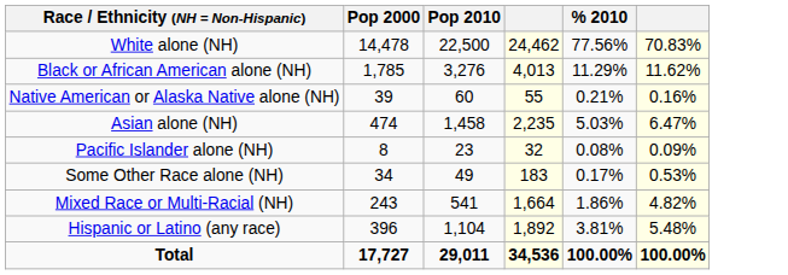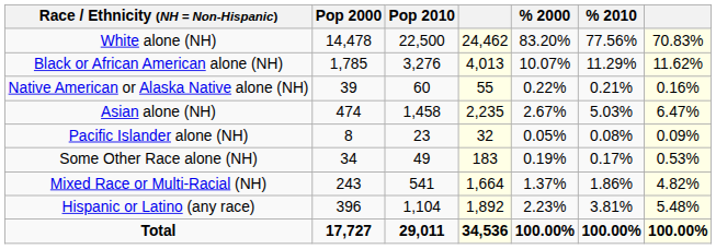 <table class="wikitable" style="text-align:center;">
 <tr>
 <th>Race / Ethnicity <small>(<em>NH = Non-Hispanic</em>)</small></th>
 <th>Pop 2000</th>
 <th>Pop 2010</th>
 <th></th>
+<th>% 2000</th>
 <th>% 2010</th>
 <th></th>
 </tr>
 <tr>
 <td><a href='#'>White</a> alone (NH)</td>
 <td>14,478</td>
 <td>22,500</td>
 <td style='background: #ffffe6;'>24,462</td>
+<td>83.20%</td>
 <td>77.56%</td>
 <td style='background: #ffffe6;'>70.83%</td>
 </tr>
 <tr>
 <td><a href='#'>Black or African American</a> alone (NH)</td>
 <td>1,785</td>
 <td>3,276</td>
 <td style='background: #ffffe6;'>4,013</td>
+<td>10.07%</td>
 <td>11.29%</td>
 <td style='background: #ffffe6;'>11.62%</td>
 </tr>
 <tr>
 <td><a href='#'>Native American</a> or <a href='#'>Alaska Native</a> alone (NH)</td>
 <td>39</td>
 <td>60</td>
 <td style='background: #ffffe6;'>55</td>
+<td>0.22%</td>
 <td>0.21%</td>
 <td style='background: #ffffe6;'>0.16%</td>
 </tr>
 <tr>
 <td><a href='#'>Asian</a> alone (NH)</td>
 <td>474</td>
 <td>1,458</td>
 <td style='background: #ffffe6;'>2,235</td>
+<td>2.67%</td>
 <td>5.03%</td>
 <td style='background: #ffffe6;'>6.47%</td>
 </tr>
 <tr>
 <td><a href='#'>Pacific Islander</a> alone (NH)</td>
 <td>8</td>
 <td>23</td>
 <td style='background: #ffffe6;'>32</td>
+<td>0.05%</td>
 <td>0.08%</td>
 <td style='background: #ffffe6;'>0.09%</td>
 </tr>
 <tr>
 <td>Some Other Race alone (NH)</td>
 <td>34</td>
 <td>49</td>
 <td style='background: #ffffe6;'>183</td>
+<td>0.19%</td>
 <td>0.17%</td>
 <td style='background: #ffffe6;'>0.53%</td>
 </tr>
 <tr>
 <td><a href='#'>Mixed Race or Multi-Racial</a> (NH)</td>
 <td>243</td>
 <td>541</td>
 <td style='background: #ffffe6;'>1,664</td>
+<td>1.37%</td>
 <td>1.86%</td>
 <td style='background: #ffffe6;'>4.82%</td>
 </tr>
 <tr>
 <td><a href='#'>Hispanic or Latino</a> (any race)</td>
 <td>396</td>
 <td>1,104</td>
 <td style='background: #ffffe6;'>1,892</td>
+<td>2.23%</td>
 <td>3.81%</td>
 <td style='background: #ffffe6;'>5.48%</td>
 </tr>
 <tr>
 <td><strong>Total</strong></td>
 <td><strong>17,727</strong></td>
 <td><strong>29,011</strong></td>
 <td style='background: #ffffe6;'><strong>34,536</strong></td>
 <td><strong>100.00%</strong></td>
+<td><strong>100.00%</strong></td>
 <td style='background: #ffffe6;'><strong>100.00%</strong></td>
 </tr>
 </table>
